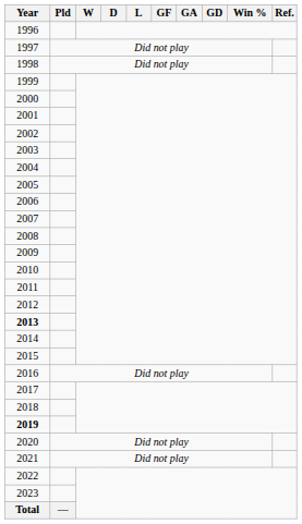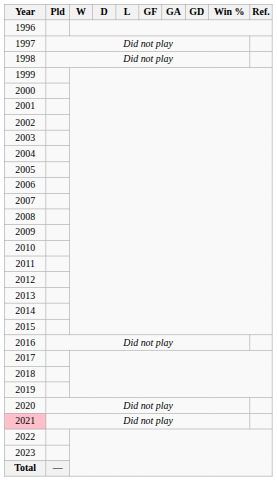 <table class="wikitable sortable sticky-header sort-under" style="text-align:center">
 <tr>
 <th width="60">Year</th>
 <th width="30">Pld</th>
 <th width="30">W</th>
 <th width="30">D</th>
 <th width="30">L</th>
 <th width="30">GF</th>
 <th width="30">GA</th>
 <th width="30">GD</th>
 <th width="60">Win %</th>
 <th>Ref.</th>
 </tr>
 <tr>
 <td style="text-align:center;">1996<br></td>
 <td></td>
 </tr>
 <tr>
 <td style="text-align:center;">1997</td>
 <td colspan="8"><em>Did not play</em></td>
 <td></td>
 </tr>
 <tr>
 <td style="text-align:center;">1998</td>
 <td colspan="8"><em>Did not play</em></td>
 <td></td>
 </tr>
 <tr>
 <td style="text-align:center;">1999<br></td>
 <td></td>
 </tr>
 <tr>
 <td style="text-align:center;">2000<br></td>
 <td></td>
 </tr>
 <tr>
 <td style="text-align:center;">2001<br></td>
 <td></td>
 </tr>
 <tr>
 <td style="text-align:center;">2002<br></td>
 <td></td>
 </tr>
 <tr>
 <td style="text-align:center;">2003<br></td>
 <td></td>
 </tr>
 <tr>
 <td style="text-align:center;">2004<br></td>
 <td></td>
 </tr>
 <tr>
 <td style="text-align:center;">2005<br></td>
 <td></td>
 </tr>
 <tr>
 <td style="text-align:center;">2006<br></td>
 <td></td>
 </tr>
 <tr>
 <td style="text-align:center;">2007<br></td>
 <td></td>
 </tr>
 <tr>
 <td style="text-align:center;">2008<br></td>
 <td></td>
 </tr>
 <tr>
 <td style="text-align:center;">2009<br></td>
 <td></td>
 </tr>
 <tr>
 <td style="text-align:center;">2010<br></td>
 <td></td>
 </tr>
 <tr>
 <td style="text-align:center;">2011<br></td>
 <td></td>
 </tr>
 <tr>
 <td style="text-align:center;">2012<br></td>
 <td></td>
 </tr>
 <tr>
-<td style="text-align:center;"><strong>2013<br></strong></td>
+<td style="text-align:center;">2013<br></td>
 <td></td>
 </tr>
 <tr>
 <td style="text-align:center;">2014<br></td>
 <td></td>
 </tr>
 <tr>
 <td style="text-align:center;">2015<br></td>
 <td></td>
 </tr>
 <tr>
 <td style="text-align:center;">2016</td>
 <td colspan="8"><em>Did not play</em></td>
 <td></td>
 </tr>
 <tr>
 <td style="text-align:center;">2017<br></td>
 <td></td>
 </tr>
 <tr>
 <td style="text-align:center;">2018<br></td>
 <td></td>
 </tr>
 <tr>
-<td style="text-align:center;"><strong>2019<br></strong></td>
+<td style="text-align:center;">2019<br></td>
 <td></td>
 </tr>
 <tr>
 <td style="text-align:center;">2020</td>
 <td colspan="8"><em>Did not play</em></td>
 <td></td>
 </tr>
 <tr>
-<td style="text-align:center;">2021</td>
+<td style="background: pink; text-align:center;">2021</td>
 <td colspan="8"><em>Did not play</em></td>
 <td></td>
 </tr>
 <tr>
 <td style="text-align:center;">2022<br></td>
 <td></td>
 </tr>
 <tr>
 <td style="text-align:center;">2023<br></td>
 <td></td>
 </tr>
 <tr class="sortbottom">
 <th>Total<br></th>
 <th>—</th>
 </tr>
 </table>
